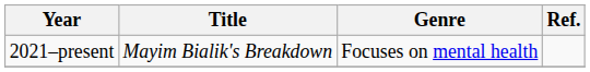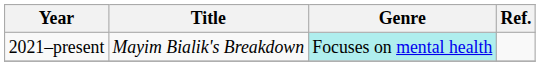 <table class="wikitable unsortable">
 <tr>
 <th>Year</th>
 <th>Title</th>
 <th>Genre</th>
 <th class="unsortable">Ref.</th>
 </tr>
 <tr>
 <td>2021–present</td>
 <td><em>Mayim Bialik's Breakdown</em></td>
-<td>Focuses on <a href='#'>mental health</a></td>
+<td style="background: paleturquoise;">Focuses on <a href='#'>mental health</a></td>
 <td></td>
 </tr>
 <tr>
 </tr>
 </table>
